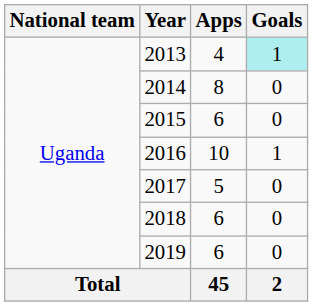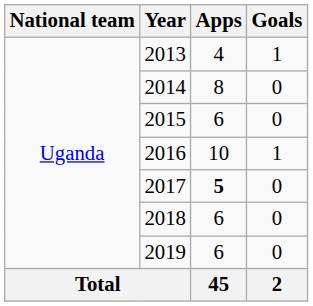 <table class="wikitable" style="text-align:center">
 <tr>
 <th>National team</th>
 <th>Year</th>
 <th>Apps</th>
 <th>Goals</th>
 </tr>
 <tr>
 <td rowspan="7"><a href='#'>Uganda</a></td>
 <td>2013</td>
 <td>4</td>
-<td style="background: paleturquoise;">1</td>
+<td>1</td>
 </tr>
 <tr>
 <td>2014</td>
 <td>8</td>
 <td>0</td>
 </tr>
 <tr>
 <td>2015</td>
 <td>6</td>
 <td>0</td>
 </tr>
 <tr>
 <td>2016</td>
 <td>10</td>
 <td>1</td>
 </tr>
 <tr>
 <td>2017</td>
-<td>5</td>
+<td><strong>5</strong></td>
 <td>0</td>
 </tr>
 <tr>
 <td>2018</td>
 <td>6</td>
 <td>0</td>
 </tr>
 <tr>
 <td>2019</td>
 <td>6</td>
 <td>0</td>
 </tr>
 <tr>
 <th colspan="2">Total</th>
 <th>45</th>
 <th>2</th>
 </tr>
 </table>
